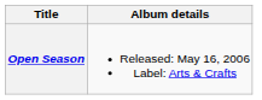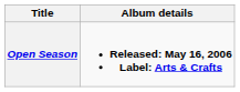 <table class="wikitable plainrowheaders" style="text-align:center;">
 <tr>
 <th>Title</th>
 <th>Album details</th>
 </tr>
 <tr>
 <th scope="row"><em><a href='#'>Open Season</a></em></th>
-<td><br><ul><li>Released: May 16, 2006</li><li>Label: <a href='#'>Arts & Crafts</a></li></ul></td>
+<td><strong><br><ul><li>Released: May 16, 2006</li><li>Label: <a href='#'>Arts & Crafts</a></li></ul></strong></td>
 </tr>
 </table>
